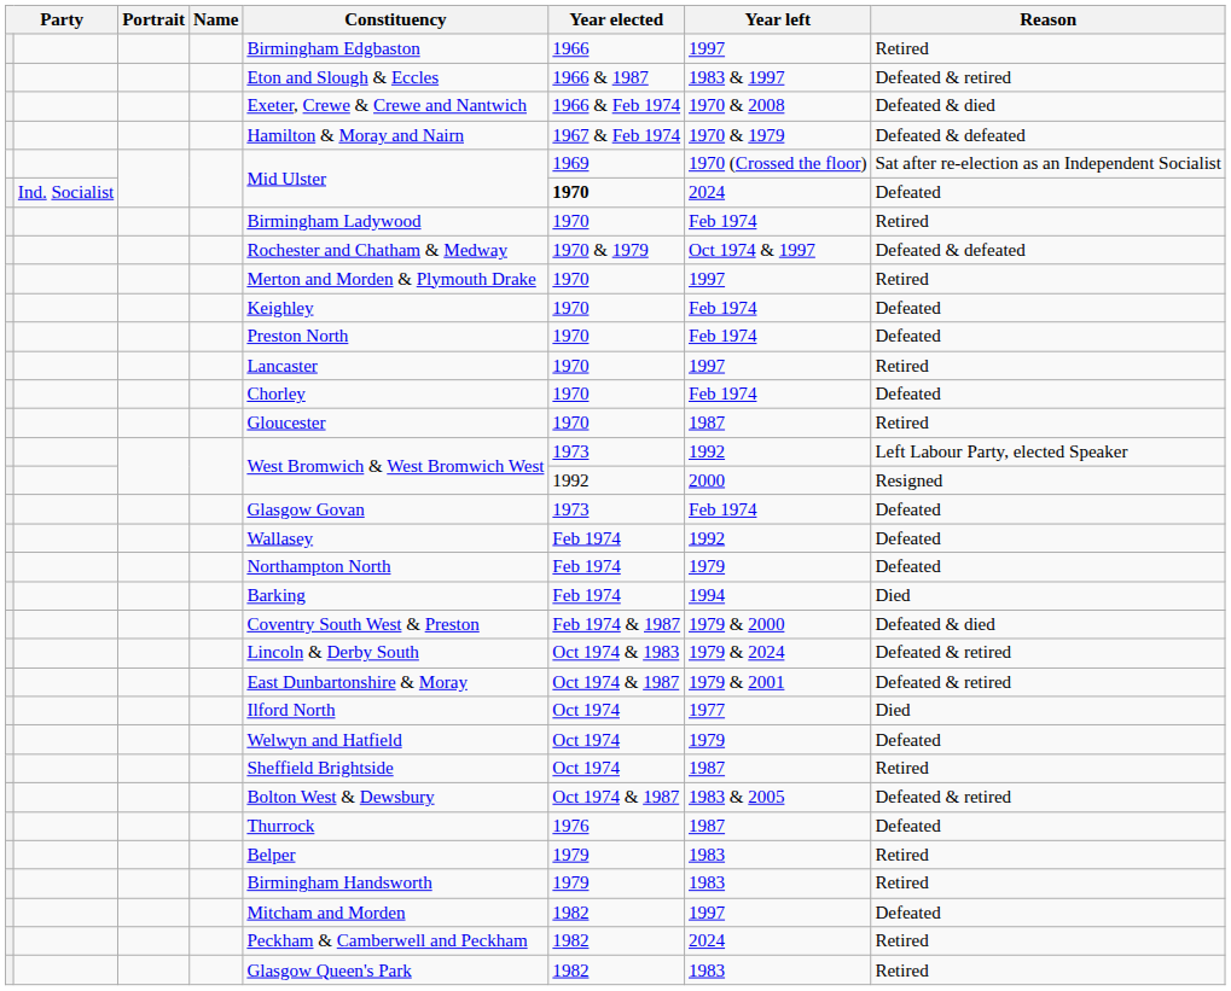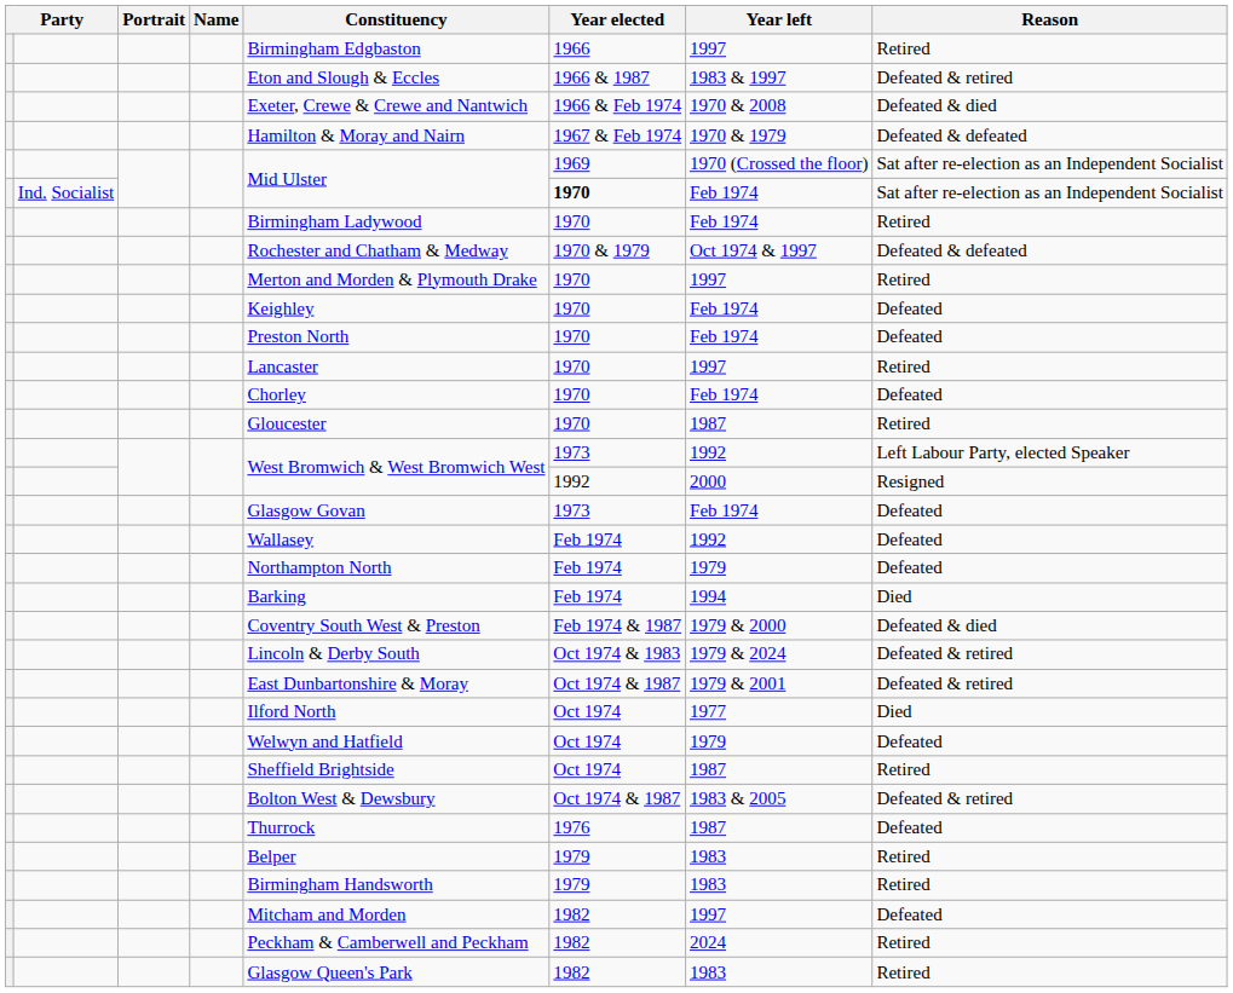 <table class="wikitable sortable">
 <tr>
 <th colspan=2>Party</th>
 <th>Portrait</th>
 <th>Name</th>
 <th>Constituency</th>
 <th>Year elected</th>
 <th>Year left</th>
 <th>Reason</th>
 </tr>
 <tr>
 <th style="background-color: "></th>
 <td></td>
 <td></td>
 <td></td>
 <td><a href='#'>Birmingham Edgbaston</a></td>
 <td><a href='#'>1966</a></td>
 <td><a href='#'>1997</a></td>
 <td>Retired</td>
 </tr>
 <tr>
 <th style="background-color: "></th>
 <td></td>
 <td></td>
 <td></td>
 <td><a href='#'>Eton and Slough</a> & <a href='#'>Eccles</a></td>
 <td><a href='#'>1966</a> & <a href='#'>1987</a></td>
 <td><a href='#'>1983</a> & <a href='#'>1997</a></td>
 <td>Defeated & retired</td>
 </tr>
 <tr>
 <th style="background-color: "></th>
 <td></td>
 <td></td>
 <td></td>
 <td><a href='#'>Exeter</a>, <a href='#'>Crewe</a> & <a href='#'>Crewe and Nantwich</a></td>
 <td><a href='#'>1966</a> & <a href='#'>Feb 1974</a></td>
 <td><a href='#'>1970</a> & <a href='#'>2008</a></td>
 <td>Defeated & died</td>
 </tr>
 <tr>
 <th style="background-color: "></th>
 <td></td>
 <td></td>
 <td></td>
 <td><a href='#'>Hamilton</a> & <a href='#'>Moray and Nairn</a></td>
 <td><a href='#'>1967</a> & <a href='#'>Feb 1974</a></td>
 <td><a href='#'>1970</a> & <a href='#'>1979</a></td>
 <td>Defeated & defeated</td>
 </tr>
 <tr>
 <td style="background-color: "></td>
 <td></td>
 <td rowspan=2></td>
 <td rowspan=2></td>
 <td rowspan=2><a href='#'>Mid Ulster</a></td>
 <td><a href='#'>1969</a></td>
 <td><a href='#'>1970</a> (<a href='#'>Crossed the floor</a>)</td>
 <td>Sat after re-election as an Independent Socialist</td>
 </tr>
 <tr>
 <th style="background-color: "></th>
 <td><a href='#'>Ind.</a> <a href='#'>Socialist</a></td>
 <td><strong>1970</strong></td>
-<td><a href='#'>2024</a></td>
-<td>Defeated</td>
+<td><a href='#'>Feb 1974</a></td>
+<td>Sat after re-election as an Independent Socialist</td>
 </tr>
 <tr>
 <th style="background-color: "></th>
 <td></td>
 <td></td>
 <td></td>
 <td><a href='#'>Birmingham Ladywood</a></td>
 <td><a href='#'>1970</a></td>
 <td><a href='#'>Feb 1974</a></td>
 <td>Retired</td>
 </tr>
 <tr>
 <th style="background-color: "></th>
 <td></td>
 <td></td>
 <td></td>
 <td><a href='#'>Rochester and Chatham</a> & <a href='#'>Medway</a></td>
 <td><a href='#'>1970</a> & <a href='#'>1979</a></td>
 <td><a href='#'>Oct 1974</a> & <a href='#'>1997</a></td>
 <td>Defeated & defeated</td>
 </tr>
 <tr>
 <th style="background-color: "></th>
 <td></td>
 <td></td>
 <td></td>
 <td><a href='#'>Merton and Morden</a> & <a href='#'>Plymouth Drake</a></td>
 <td><a href='#'>1970</a></td>
 <td><a href='#'>1997</a></td>
 <td>Retired</td>
 </tr>
 <tr>
 <th style="background-color: "></th>
 <td></td>
 <td></td>
 <td></td>
 <td><a href='#'>Keighley</a></td>
 <td><a href='#'>1970</a></td>
 <td><a href='#'>Feb 1974</a></td>
 <td>Defeated</td>
 </tr>
 <tr>
 <th style="background-color: "></th>
 <td></td>
 <td></td>
 <td></td>
 <td><a href='#'>Preston North</a></td>
 <td><a href='#'>1970</a></td>
 <td><a href='#'>Feb 1974</a></td>
 <td>Defeated</td>
 </tr>
 <tr>
 <th style="background-color: "></th>
 <td></td>
 <td></td>
 <td></td>
 <td><a href='#'>Lancaster</a></td>
 <td><a href='#'>1970</a></td>
 <td><a href='#'>1997</a></td>
 <td>Retired</td>
 </tr>
 <tr>
 <th style="background-color: "></th>
 <td></td>
 <td></td>
 <td></td>
 <td><a href='#'>Chorley</a></td>
 <td><a href='#'>1970</a></td>
 <td><a href='#'>Feb 1974</a></td>
 <td>Defeated</td>
 </tr>
 <tr>
 <th style="background-color: "></th>
 <td></td>
 <td></td>
 <td></td>
 <td><a href='#'>Gloucester</a></td>
 <td><a href='#'>1970</a></td>
 <td><a href='#'>1987</a></td>
 <td>Retired</td>
 </tr>
 <tr>
 <th style="background-color: "></th>
 <td></td>
 <td rowspan=2></td>
 <td rowspan=2></td>
 <td rowspan=2><a href='#'>West Bromwich</a> & <a href='#'>West Bromwich West</a></td>
 <td><a href='#'>1973</a></td>
 <td><a href='#'>1992</a></td>
 <td>Left Labour Party, elected Speaker</td>
 </tr>
 <tr>
 <th style="background-color:"></th>
 <td></td>
 <td>1992</td>
 <td><a href='#'>2000</a></td>
 <td>Resigned</td>
 </tr>
 <tr>
 <th style="background-color: "></th>
 <td></td>
 <td></td>
 <td></td>
 <td><a href='#'>Glasgow Govan</a></td>
 <td><a href='#'>1973</a></td>
 <td><a href='#'>Feb 1974</a></td>
 <td>Defeated</td>
 </tr>
 <tr>
 <th style="background-color: "></th>
 <td></td>
 <td></td>
 <td></td>
 <td><a href='#'>Wallasey</a></td>
 <td><a href='#'>Feb 1974</a></td>
 <td><a href='#'>1992</a></td>
 <td>Defeated</td>
 </tr>
 <tr>
 <th style="background-color: "></th>
 <td></td>
 <td></td>
 <td></td>
 <td><a href='#'>Northampton North</a></td>
 <td><a href='#'>Feb 1974</a></td>
 <td><a href='#'>1979</a></td>
 <td>Defeated</td>
 </tr>
 <tr>
 <th style="background-color: "></th>
 <td></td>
 <td></td>
 <td></td>
 <td><a href='#'>Barking</a></td>
 <td><a href='#'>Feb 1974</a></td>
 <td><a href='#'>1994</a></td>
 <td>Died</td>
 </tr>
 <tr>
 <th style="background-color: "></th>
 <td></td>
 <td></td>
 <td></td>
 <td><a href='#'>Coventry South West</a> & <a href='#'>Preston</a></td>
 <td><a href='#'>Feb 1974</a> & <a href='#'>1987</a></td>
 <td><a href='#'>1979</a> & <a href='#'>2000</a></td>
 <td>Defeated & died</td>
 </tr>
 <tr>
 <th style="background-color: "></th>
 <td></td>
 <td></td>
 <td></td>
 <td><a href='#'>Lincoln</a> & <a href='#'>Derby South</a></td>
 <td><a href='#'>Oct 1974</a> & <a href='#'>1983</a></td>
 <td><a href='#'>1979</a> & <a href='#'>2024</a></td>
 <td>Defeated & retired</td>
 </tr>
 <tr>
 <th style="background-color: "></th>
 <td></td>
 <td></td>
 <td></td>
 <td><a href='#'>East Dunbartonshire</a> & <a href='#'>Moray</a></td>
 <td><a href='#'>Oct 1974</a> & <a href='#'>1987</a></td>
 <td><a href='#'>1979</a> & <a href='#'>2001</a></td>
 <td>Defeated & retired</td>
 </tr>
 <tr>
 <th style="background-color: "></th>
 <td></td>
 <td></td>
 <td></td>
 <td><a href='#'>Ilford North</a></td>
 <td><a href='#'>Oct 1974</a></td>
 <td><a href='#'>1977</a></td>
 <td>Died</td>
 </tr>
 <tr>
 <th style="background-color: "></th>
 <td></td>
 <td></td>
 <td></td>
 <td><a href='#'>Welwyn and Hatfield</a></td>
 <td><a href='#'>Oct 1974</a></td>
 <td><a href='#'>1979</a></td>
 <td>Defeated</td>
 </tr>
 <tr>
 <th style="background-color: "></th>
 <td></td>
 <td></td>
 <td></td>
 <td><a href='#'>Sheffield Brightside</a></td>
 <td><a href='#'>Oct 1974</a></td>
 <td><a href='#'>1987</a></td>
 <td>Retired</td>
 </tr>
 <tr>
 <th style="background-color: "></th>
 <td></td>
 <td></td>
 <td></td>
 <td><a href='#'>Bolton West</a> & <a href='#'>Dewsbury</a></td>
 <td><a href='#'>Oct 1974</a> & <a href='#'>1987</a></td>
 <td><a href='#'>1983</a> & <a href='#'>2005</a></td>
 <td>Defeated & retired</td>
 </tr>
 <tr>
 <th style="background-color: "></th>
 <td></td>
 <td></td>
 <td></td>
 <td><a href='#'>Thurrock</a></td>
 <td><a href='#'>1976</a></td>
 <td><a href='#'>1987</a></td>
 <td>Defeated</td>
 </tr>
 <tr>
 <th style="background-color: "></th>
 <td></td>
 <td></td>
 <td></td>
 <td><a href='#'>Belper</a></td>
 <td><a href='#'>1979</a></td>
 <td><a href='#'>1983</a></td>
 <td>Retired</td>
 </tr>
 <tr>
 <th style="background-color: "></th>
 <td></td>
 <td></td>
 <td></td>
 <td><a href='#'>Birmingham Handsworth</a></td>
 <td><a href='#'>1979</a></td>
 <td><a href='#'>1983</a></td>
 <td>Retired</td>
 </tr>
 <tr>
 <th style="background-color: "></th>
 <td></td>
 <td></td>
 <td></td>
 <td><a href='#'>Mitcham and Morden</a></td>
 <td><a href='#'>1982</a></td>
 <td><a href='#'>1997</a></td>
 <td>Defeated</td>
 </tr>
 <tr>
 <th style="background-color: "></th>
 <td></td>
 <td></td>
 <td></td>
 <td><a href='#'>Peckham</a> & <a href='#'>Camberwell and Peckham</a></td>
 <td><a href='#'>1982</a></td>
 <td><a href='#'>2024</a></td>
 <td>Retired</td>
 </tr>
 <tr>
 <th style="background-color: "></th>
 <td></td>
 <td></td>
 <td></td>
 <td><a href='#'>Glasgow Queen's Park</a></td>
 <td><a href='#'>1982</a></td>
 <td><a href='#'>1983</a></td>
 <td>Retired</td>
 </tr>
 </table>
